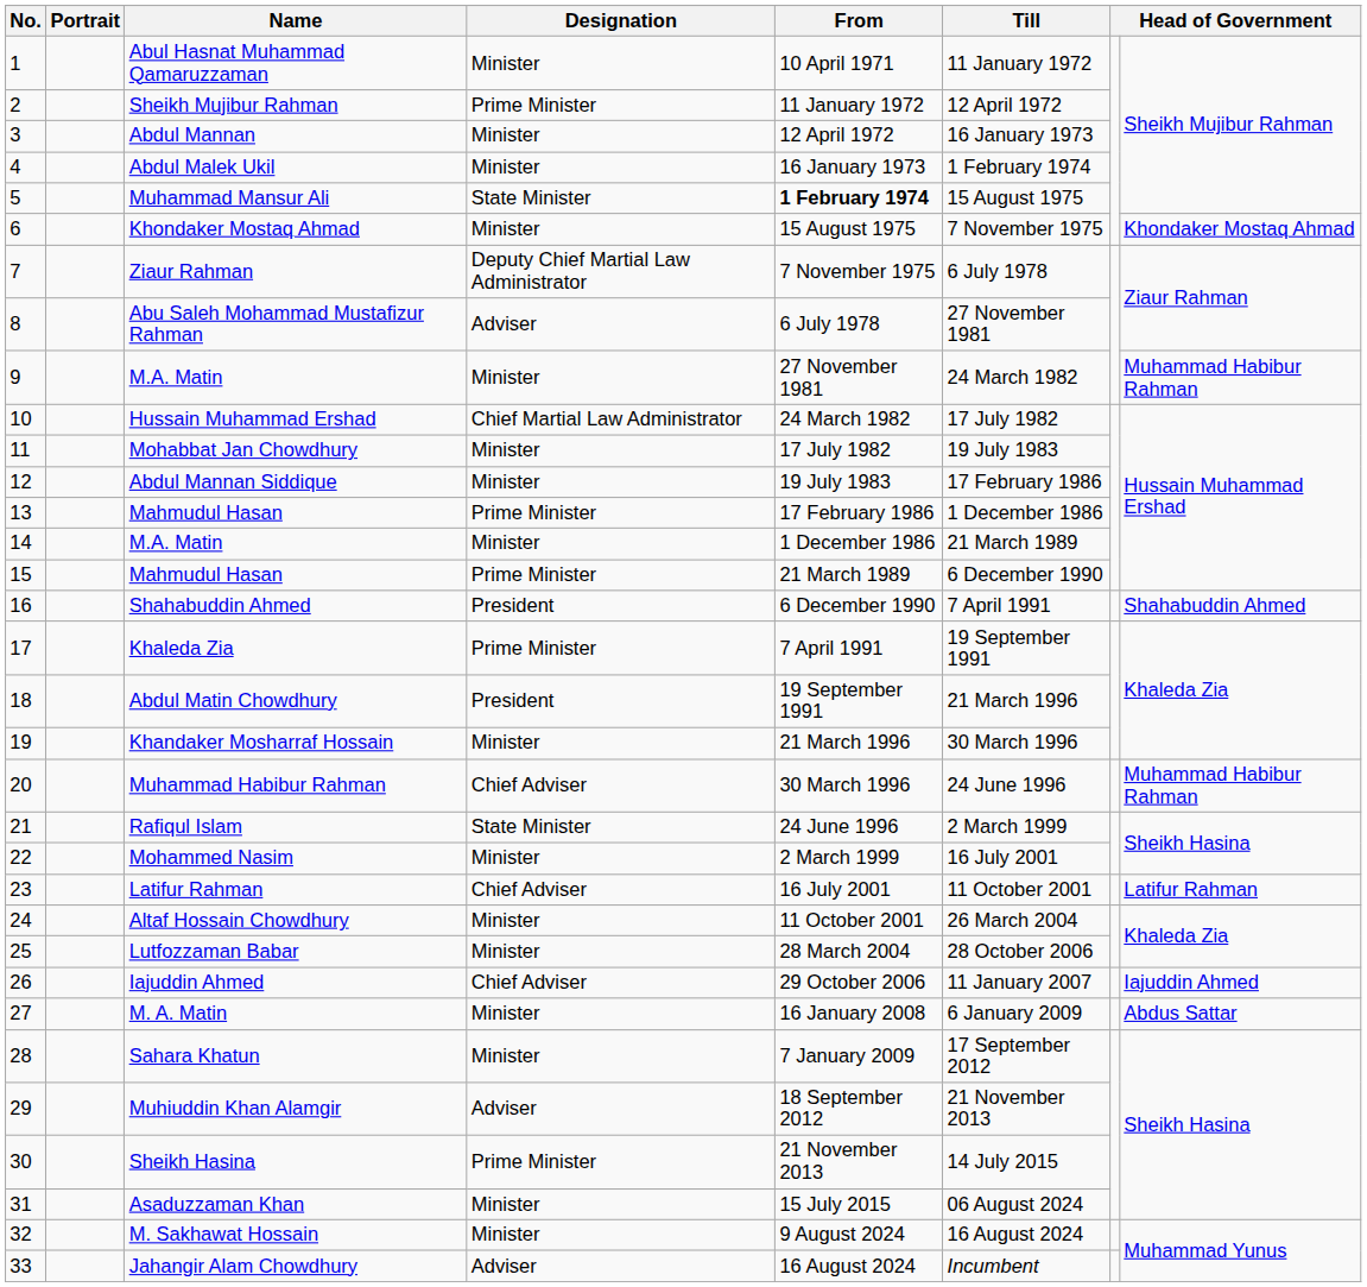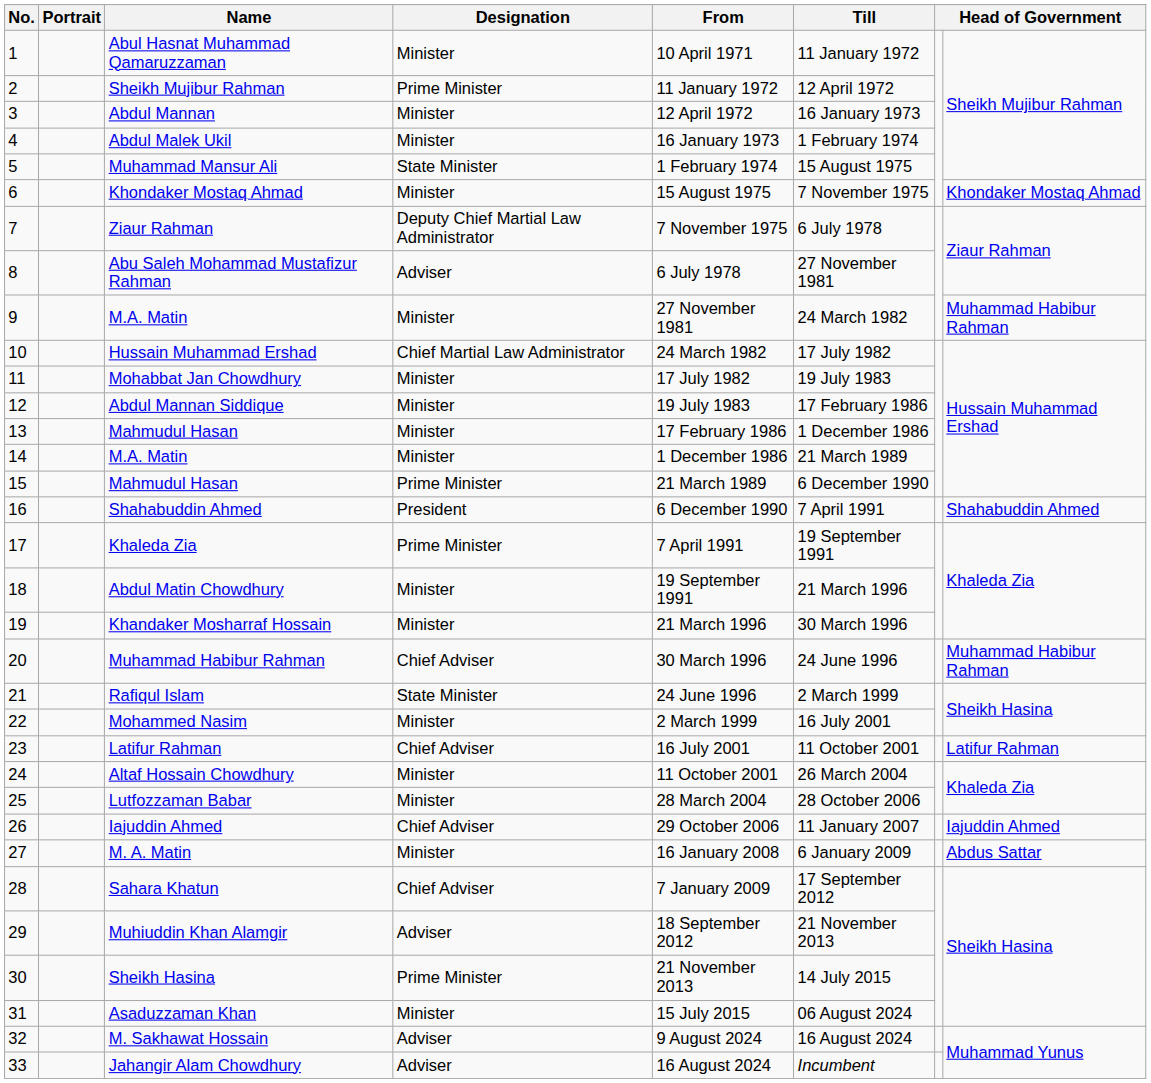 <table class="wikitable sortable" style="width:70%;">
 <tr align="center">
 </tr>
 <tr>
 <th align="center">No.</th>
 <th align="center">Portrait</th>
 <th align="center">Name</th>
 <th align="center">Designation</th>
 <th align="center">From</th>
 <th align="center">Till</th>
 <th colspan="2" align="center">Head of Government</th>
 </tr>
 <tr>
 <td>1</td>
 <td></td>
 <td><a href='#'>Abul Hasnat Muhammad Qamaruzzaman</a></td>
 <td>Minister</td>
 <td>10 April 1971</td>
 <td>11 January 1972</td>
 <td rowspan="6" style="background-color: "></td>
 <td rowspan="5"><a href='#'>Sheikh Mujibur Rahman</a></td>
 </tr>
 <tr>
 <td>2</td>
 <td></td>
 <td><a href='#'>Sheikh Mujibur Rahman</a></td>
 <td>Prime Minister</td>
 <td>11 January 1972</td>
 <td>12 April 1972</td>
 </tr>
 <tr>
 <td>3</td>
 <td></td>
 <td><a href='#'>Abdul Mannan</a></td>
 <td>Minister</td>
 <td>12 April 1972</td>
 <td>16 January 1973</td>
 </tr>
 <tr>
 <td>4</td>
 <td></td>
 <td><a href='#'>Abdul Malek Ukil</a></td>
 <td>Minister</td>
 <td>16 January 1973</td>
 <td>1 February 1974</td>
 </tr>
 <tr>
 <td>5</td>
 <td></td>
 <td><a href='#'>Muhammad Mansur Ali</a></td>
 <td>State Minister</td>
-<td><strong>1 February 1974</strong></td>
+<td>1 February 1974</td>
 <td>15 August 1975</td>
 </tr>
 <tr>
 <td>6</td>
 <td></td>
 <td><a href='#'>Khondaker Mostaq Ahmad</a></td>
 <td>Minister</td>
 <td>15 August 1975</td>
 <td>7 November 1975</td>
 <td><a href='#'>Khondaker Mostaq Ahmad</a></td>
 </tr>
 <tr>
 <td>7</td>
 <td></td>
 <td><a href='#'>Ziaur Rahman</a></td>
 <td>Deputy Chief Martial Law Administrator</td>
 <td>7 November 1975</td>
 <td>6 July 1978</td>
 <td rowspan="3" style="background-color: "></td>
 <td rowspan="2"><a href='#'>Ziaur Rahman</a></td>
 </tr>
 <tr>
 <td>8</td>
 <td></td>
 <td><a href='#'>Abu Saleh Mohammad Mustafizur Rahman</a></td>
 <td>Adviser</td>
 <td>6 July 1978</td>
 <td>27 November 1981</td>
 </tr>
 <tr>
 <td>9</td>
 <td></td>
 <td><a href='#'>M.A. Matin</a></td>
 <td>Minister</td>
 <td>27 November 1981</td>
 <td>24 March 1982</td>
 <td><a href='#'>Muhammad Habibur Rahman</a></td>
 </tr>
 <tr>
 <td>10</td>
 <td></td>
 <td><a href='#'>Hussain Muhammad Ershad</a></td>
 <td>Chief Martial Law Administrator</td>
 <td>24 March 1982</td>
 <td>17 July 1982</td>
 <td rowspan="6" style="background-color: "></td>
 <td rowspan="6"><a href='#'>Hussain Muhammad Ershad</a></td>
 </tr>
 <tr>
 <td>11</td>
 <td></td>
 <td><a href='#'>Mohabbat Jan Chowdhury</a></td>
 <td>Minister</td>
 <td>17 July 1982</td>
 <td>19 July 1983</td>
 </tr>
 <tr>
 <td>12</td>
 <td></td>
 <td><a href='#'>Abdul Mannan Siddique</a></td>
 <td>Minister</td>
 <td>19 July 1983</td>
 <td>17 February 1986</td>
 </tr>
 <tr>
 <td>13</td>
 <td></td>
 <td><a href='#'>Mahmudul Hasan</a></td>
-<td>Prime Minister</td>
+<td>Minister</td>
 <td>17 February 1986</td>
 <td>1 December 1986</td>
 </tr>
 <tr>
 <td>14</td>
 <td></td>
 <td><a href='#'>M.A. Matin</a></td>
 <td>Minister</td>
 <td>1 December 1986</td>
 <td>21 March 1989</td>
 </tr>
 <tr>
 <td>15</td>
 <td></td>
 <td><a href='#'>Mahmudul Hasan</a></td>
 <td>Prime Minister</td>
 <td>21 March 1989</td>
 <td>6 December 1990</td>
 </tr>
 <tr>
 <td>16</td>
 <td></td>
 <td><a href='#'>Shahabuddin Ahmed</a></td>
 <td>President</td>
 <td>6 December 1990</td>
 <td>7 April 1991</td>
 <td></td>
 <td><a href='#'>Shahabuddin Ahmed</a></td>
 </tr>
 <tr>
 <td>17</td>
 <td></td>
 <td><a href='#'>Khaleda Zia</a></td>
 <td>Prime Minister</td>
 <td>7 April 1991</td>
 <td>19 September 1991</td>
 <td rowspan="3" style="background-color: "></td>
 <td rowspan="3"><a href='#'>Khaleda Zia</a></td>
 </tr>
 <tr>
 <td>18</td>
 <td></td>
 <td><a href='#'>Abdul Matin Chowdhury</a></td>
-<td>President</td>
+<td>Minister</td>
 <td>19 September 1991</td>
 <td>21 March 1996</td>
 </tr>
 <tr>
 <td>19</td>
 <td></td>
 <td><a href='#'>Khandaker Mosharraf Hossain</a></td>
 <td>Minister</td>
 <td>21 March 1996</td>
 <td>30 March 1996</td>
 </tr>
 <tr>
 <td>20</td>
 <td></td>
 <td><a href='#'>Muhammad Habibur Rahman</a></td>
 <td>Chief Adviser</td>
 <td>30 March 1996</td>
 <td>24 June 1996</td>
 <td></td>
 <td><a href='#'>Muhammad Habibur Rahman</a></td>
 </tr>
 <tr>
 <td>21</td>
 <td></td>
 <td><a href='#'>Rafiqul Islam</a></td>
 <td>State Minister</td>
 <td>24 June 1996</td>
 <td>2 March 1999</td>
 <td rowspan="2" style="background-color: "></td>
 <td rowspan="2"><a href='#'>Sheikh Hasina</a></td>
 </tr>
 <tr>
 <td>22</td>
 <td></td>
 <td><a href='#'>Mohammed Nasim</a></td>
 <td>Minister</td>
 <td>2 March 1999</td>
 <td>16 July 2001</td>
 </tr>
 <tr>
 <td>23</td>
 <td></td>
 <td><a href='#'>Latifur Rahman</a></td>
 <td>Chief Adviser</td>
 <td>16 July 2001</td>
 <td>11 October 2001</td>
 <td></td>
 <td><a href='#'>Latifur Rahman</a></td>
 </tr>
 <tr>
 <td>24</td>
 <td></td>
 <td><a href='#'>Altaf Hossain Chowdhury</a></td>
 <td>Minister</td>
 <td>11 October 2001</td>
 <td>26 March 2004</td>
 <td rowspan="2" style="background-color: "></td>
 <td rowspan="2"><a href='#'>Khaleda Zia</a></td>
 </tr>
 <tr>
 <td>25</td>
 <td></td>
 <td><a href='#'>Lutfozzaman Babar</a></td>
 <td>Minister</td>
 <td>28 March 2004</td>
 <td>28 October 2006</td>
 </tr>
 <tr>
 <td>26</td>
 <td></td>
 <td><a href='#'>Iajuddin Ahmed</a></td>
 <td>Chief Adviser</td>
 <td>29 October 2006</td>
 <td>11 January 2007</td>
 <td></td>
 <td><a href='#'>Iajuddin Ahmed</a></td>
 </tr>
 <tr>
 <td>27</td>
 <td></td>
 <td><a href='#'>M. A. Matin</a></td>
 <td>Minister</td>
 <td>16 January 2008</td>
 <td>6 January 2009</td>
 <td></td>
 <td><a href='#'>Abdus Sattar</a></td>
 </tr>
 <tr>
 <td>28</td>
 <td></td>
 <td><a href='#'>Sahara Khatun</a></td>
-<td>Minister</td>
+<td>Chief Adviser</td>
 <td>7 January 2009</td>
 <td>17 September 2012</td>
 <td rowspan="4" style="background-color: "></td>
 <td rowspan="4"><a href='#'>Sheikh Hasina</a></td>
 </tr>
 <tr>
 <td>29</td>
 <td></td>
 <td><a href='#'>Muhiuddin Khan Alamgir</a></td>
 <td>Adviser</td>
 <td>18 September 2012</td>
 <td>21 November 2013</td>
 </tr>
 <tr>
 <td>30</td>
 <td></td>
 <td><a href='#'>Sheikh Hasina</a></td>
 <td>Prime Minister</td>
 <td>21 November 2013</td>
 <td>14 July 2015</td>
 </tr>
 <tr>
 <td>31</td>
 <td></td>
 <td><a href='#'>Asaduzzaman Khan</a></td>
 <td>Minister</td>
 <td>15 July 2015</td>
 <td>06 August 2024</td>
 </tr>
 <tr>
 <td>32</td>
 <td></td>
 <td><a href='#'>M. Sakhawat Hossain</a></td>
-<td>Minister</td>
+<td>Adviser</td>
 <td>9 August 2024</td>
 <td>16 August 2024</td>
 <td></td>
 <td rowspan="2"><a href='#'>Muhammad Yunus</a></td>
 </tr>
 <tr>
 <td>33</td>
 <td></td>
 <td><a href='#'>Jahangir Alam Chowdhury</a></td>
 <td>Adviser</td>
 <td>16 August 2024</td>
 <td><em>Incumbent</em></td>
 <td></td>
 </tr>
 <tr>
 </tr>
 </table>
